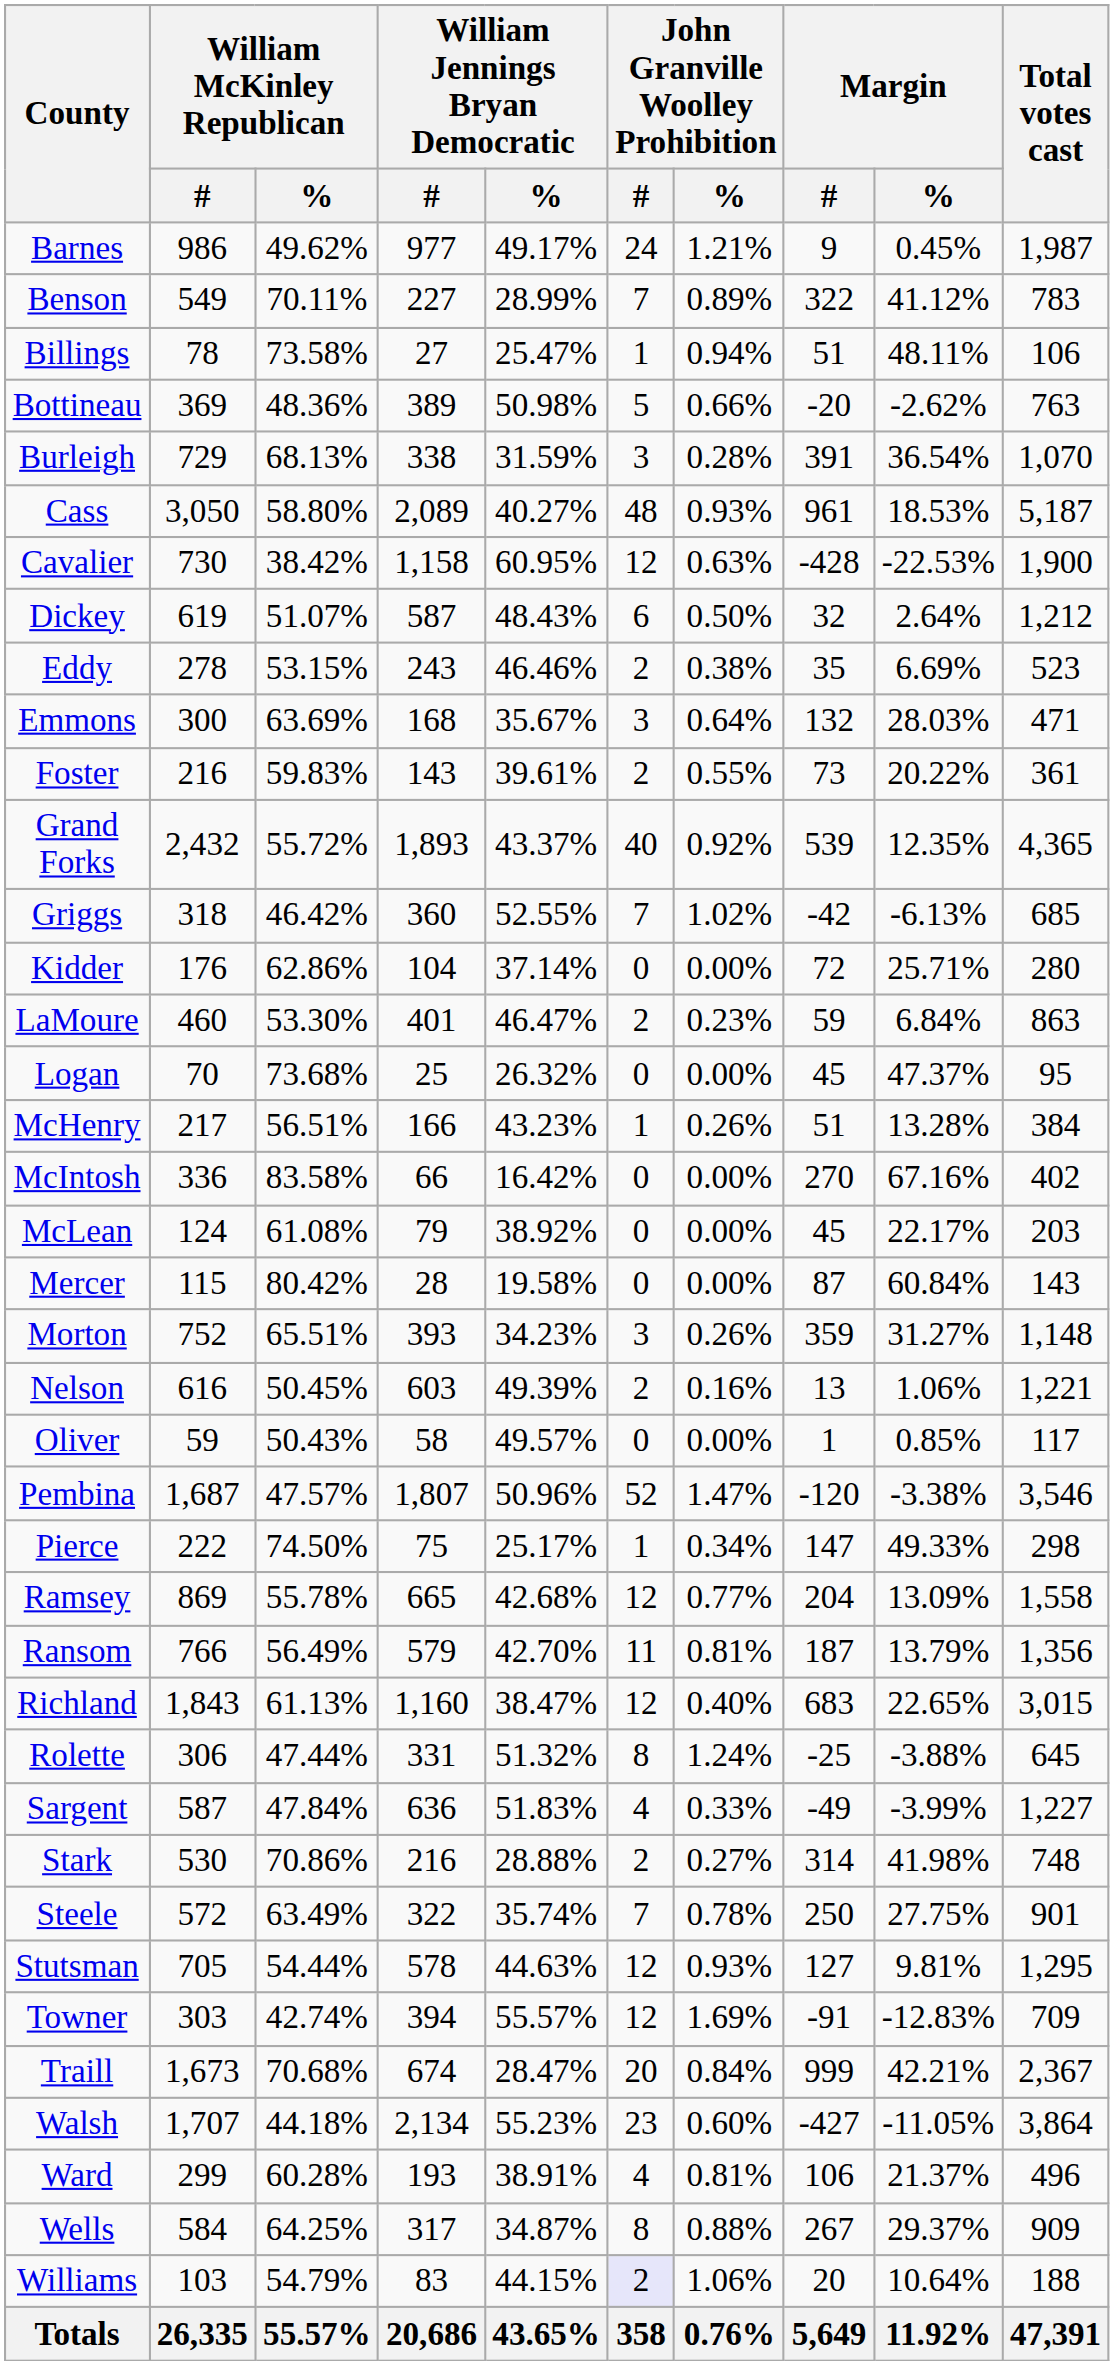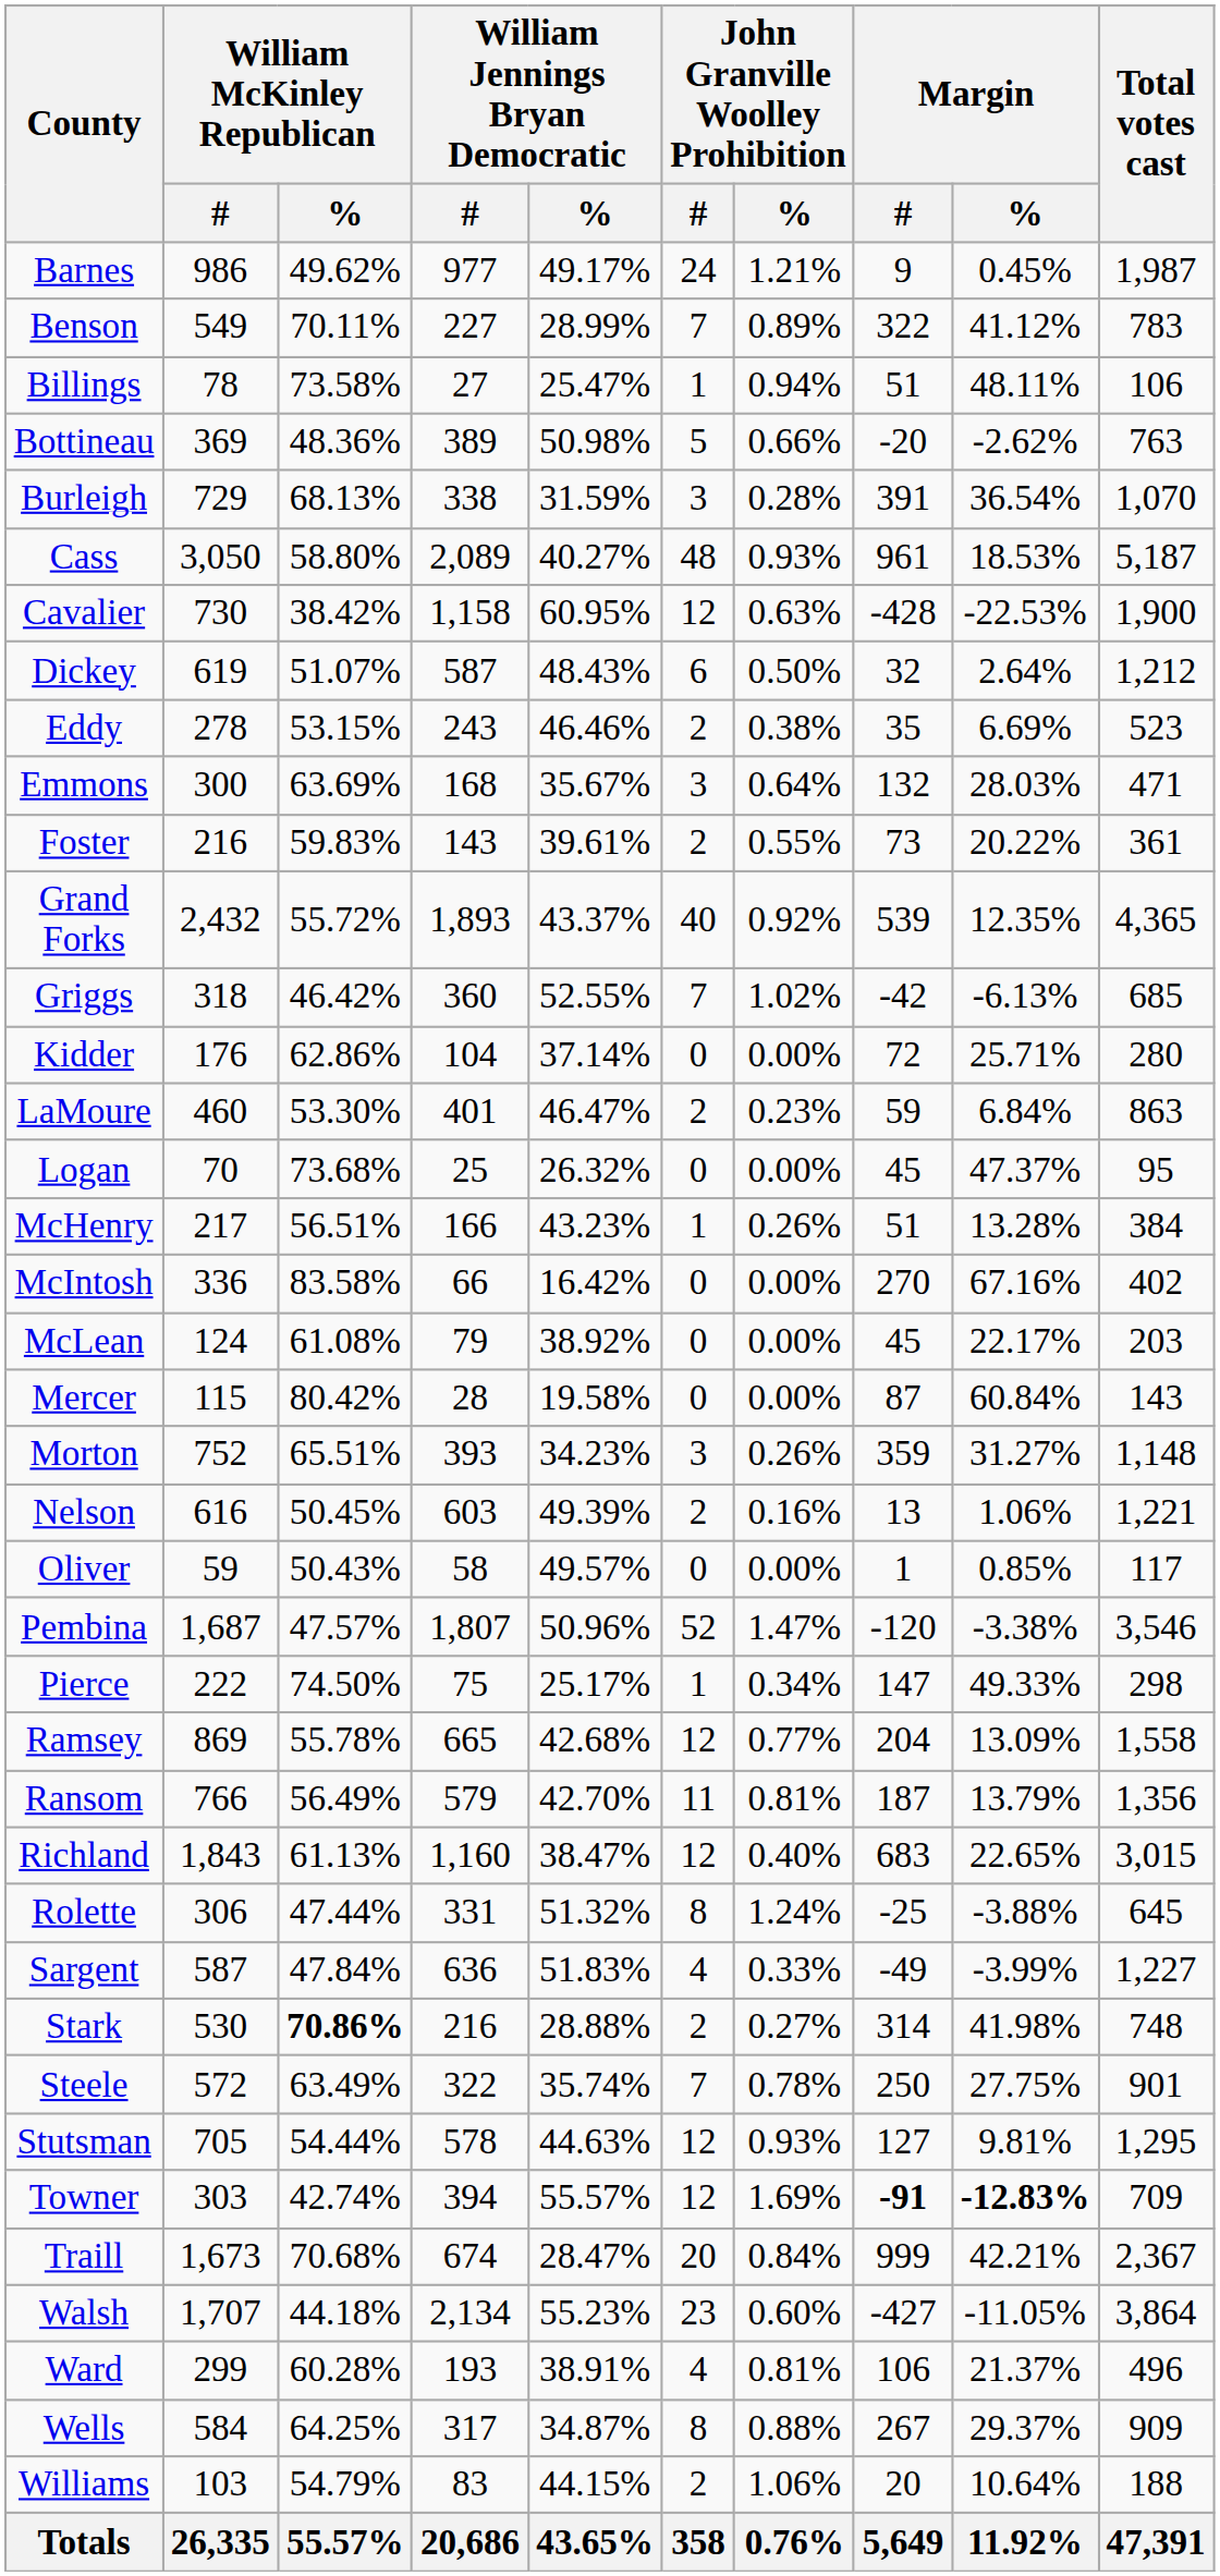 <table class="wikitable sortable" width="65%">
 <tr>
 <th rowspan="2">County</th>
 <th colspan="2">William McKinley<br>Republican</th>
 <th colspan="2">William Jennings Bryan<br>Democratic</th>
 <th colspan="2">John Granville Woolley<br>Prohibition</th>
 <th colspan="2">Margin</th>
 <th rowspan="2">Total votes cast</th>
 </tr>
 <tr style="text-align:center;">
 <th data-sort-type="number">#</th>
 <th data-sort-type="number">%</th>
 <th data-sort-type="number">#</th>
 <th data-sort-type="number">%</th>
 <th data-sort-type="number">#</th>
 <th data-sort-type="number">%</th>
 <th data-sort-type="number">#</th>
 <th data-sort-type="number">%</th>
 </tr>
 <tr style="text-align:center;">
 <td><a href='#'>Barnes</a></td>
 <td>986</td>
 <td>49.62%</td>
 <td>977</td>
 <td>49.17%</td>
 <td>24</td>
 <td>1.21%</td>
 <td>9</td>
 <td>0.45%</td>
 <td>1,987</td>
 </tr>
 <tr style="text-align:center;">
 <td><a href='#'>Benson</a></td>
 <td>549</td>
 <td>70.11%</td>
 <td>227</td>
 <td>28.99%</td>
 <td>7</td>
 <td>0.89%</td>
 <td>322</td>
 <td>41.12%</td>
 <td>783</td>
 </tr>
 <tr style="text-align:center;">
 <td><a href='#'>Billings</a></td>
 <td>78</td>
 <td>73.58%</td>
 <td>27</td>
 <td>25.47%</td>
 <td>1</td>
 <td>0.94%</td>
 <td>51</td>
 <td>48.11%</td>
 <td>106</td>
 </tr>
 <tr style="text-align:center;">
 <td><a href='#'>Bottineau</a></td>
 <td>369</td>
 <td>48.36%</td>
 <td>389</td>
 <td>50.98%</td>
 <td>5</td>
 <td>0.66%</td>
 <td>-20</td>
 <td>-2.62%</td>
 <td>763</td>
 </tr>
 <tr style="text-align:center;">
 <td><a href='#'>Burleigh</a></td>
 <td>729</td>
 <td>68.13%</td>
 <td>338</td>
 <td>31.59%</td>
 <td>3</td>
 <td>0.28%</td>
 <td>391</td>
 <td>36.54%</td>
 <td>1,070</td>
 </tr>
 <tr style="text-align:center;">
 <td><a href='#'>Cass</a></td>
 <td>3,050</td>
 <td>58.80%</td>
 <td>2,089</td>
 <td>40.27%</td>
 <td>48</td>
 <td>0.93%</td>
 <td>961</td>
 <td>18.53%</td>
 <td>5,187</td>
 </tr>
 <tr style="text-align:center;">
 <td><a href='#'>Cavalier</a></td>
 <td>730</td>
 <td>38.42%</td>
 <td>1,158</td>
 <td>60.95%</td>
 <td>12</td>
 <td>0.63%</td>
 <td>-428</td>
 <td>-22.53%</td>
 <td>1,900</td>
 </tr>
 <tr style="text-align:center;">
 <td><a href='#'>Dickey</a></td>
 <td>619</td>
 <td>51.07%</td>
 <td>587</td>
 <td>48.43%</td>
 <td>6</td>
 <td>0.50%</td>
 <td>32</td>
 <td>2.64%</td>
 <td>1,212</td>
 </tr>
 <tr style="text-align:center;">
 <td><a href='#'>Eddy</a></td>
 <td>278</td>
 <td>53.15%</td>
 <td>243</td>
 <td>46.46%</td>
 <td>2</td>
 <td>0.38%</td>
 <td>35</td>
 <td>6.69%</td>
 <td>523</td>
 </tr>
 <tr style="text-align:center;">
 <td><a href='#'>Emmons</a></td>
 <td>300</td>
 <td>63.69%</td>
 <td>168</td>
 <td>35.67%</td>
 <td>3</td>
 <td>0.64%</td>
 <td>132</td>
 <td>28.03%</td>
 <td>471</td>
 </tr>
 <tr style="text-align:center;">
 <td><a href='#'>Foster</a></td>
 <td>216</td>
 <td>59.83%</td>
 <td>143</td>
 <td>39.61%</td>
 <td>2</td>
 <td>0.55%</td>
 <td>73</td>
 <td>20.22%</td>
 <td>361</td>
 </tr>
 <tr style="text-align:center;">
 <td><a href='#'>Grand Forks</a></td>
 <td>2,432</td>
 <td>55.72%</td>
 <td>1,893</td>
 <td>43.37%</td>
 <td>40</td>
 <td>0.92%</td>
 <td>539</td>
 <td>12.35%</td>
 <td>4,365</td>
 </tr>
 <tr style="text-align:center;">
 <td><a href='#'>Griggs</a></td>
 <td>318</td>
 <td>46.42%</td>
 <td>360</td>
 <td>52.55%</td>
 <td>7</td>
 <td>1.02%</td>
 <td>-42</td>
 <td>-6.13%</td>
 <td>685</td>
 </tr>
 <tr style="text-align:center;">
 <td><a href='#'>Kidder</a></td>
 <td>176</td>
 <td>62.86%</td>
 <td>104</td>
 <td>37.14%</td>
 <td>0</td>
 <td>0.00%</td>
 <td>72</td>
 <td>25.71%</td>
 <td>280</td>
 </tr>
 <tr style="text-align:center;">
 <td><a href='#'>LaMoure</a></td>
 <td>460</td>
 <td>53.30%</td>
 <td>401</td>
 <td>46.47%</td>
 <td>2</td>
 <td>0.23%</td>
 <td>59</td>
 <td>6.84%</td>
 <td>863</td>
 </tr>
 <tr style="text-align:center;">
 <td><a href='#'>Logan</a></td>
 <td>70</td>
 <td>73.68%</td>
 <td>25</td>
 <td>26.32%</td>
 <td>0</td>
 <td>0.00%</td>
 <td>45</td>
 <td>47.37%</td>
 <td>95</td>
 </tr>
 <tr style="text-align:center;">
 <td><a href='#'>McHenry</a></td>
 <td>217</td>
 <td>56.51%</td>
 <td>166</td>
 <td>43.23%</td>
 <td>1</td>
 <td>0.26%</td>
 <td>51</td>
 <td>13.28%</td>
 <td>384</td>
 </tr>
 <tr style="text-align:center;">
 <td><a href='#'>McIntosh</a></td>
 <td>336</td>
 <td>83.58%</td>
 <td>66</td>
 <td>16.42%</td>
 <td>0</td>
 <td>0.00%</td>
 <td>270</td>
 <td>67.16%</td>
 <td>402</td>
 </tr>
 <tr style="text-align:center;">
 <td><a href='#'>McLean</a></td>
 <td>124</td>
 <td>61.08%</td>
 <td>79</td>
 <td>38.92%</td>
 <td>0</td>
 <td>0.00%</td>
 <td>45</td>
 <td>22.17%</td>
 <td>203</td>
 </tr>
 <tr style="text-align:center;">
 <td><a href='#'>Mercer</a></td>
 <td>115</td>
 <td>80.42%</td>
 <td>28</td>
 <td>19.58%</td>
 <td>0</td>
 <td>0.00%</td>
 <td>87</td>
 <td>60.84%</td>
 <td>143</td>
 </tr>
 <tr style="text-align:center;">
 <td><a href='#'>Morton</a></td>
 <td>752</td>
 <td>65.51%</td>
 <td>393</td>
 <td>34.23%</td>
 <td>3</td>
 <td>0.26%</td>
 <td>359</td>
 <td>31.27%</td>
 <td>1,148</td>
 </tr>
 <tr style="text-align:center;">
 <td><a href='#'>Nelson</a></td>
 <td>616</td>
 <td>50.45%</td>
 <td>603</td>
 <td>49.39%</td>
 <td>2</td>
 <td>0.16%</td>
 <td>13</td>
 <td>1.06%</td>
 <td>1,221</td>
 </tr>
 <tr style="text-align:center;">
 <td><a href='#'>Oliver</a></td>
 <td>59</td>
 <td>50.43%</td>
 <td>58</td>
 <td>49.57%</td>
 <td>0</td>
 <td>0.00%</td>
 <td>1</td>
 <td>0.85%</td>
 <td>117</td>
 </tr>
 <tr style="text-align:center;">
 <td><a href='#'>Pembina</a></td>
 <td>1,687</td>
 <td>47.57%</td>
 <td>1,807</td>
 <td>50.96%</td>
 <td>52</td>
 <td>1.47%</td>
 <td>-120</td>
 <td>-3.38%</td>
 <td>3,546</td>
 </tr>
 <tr style="text-align:center;">
 <td><a href='#'>Pierce</a></td>
 <td>222</td>
 <td>74.50%</td>
 <td>75</td>
 <td>25.17%</td>
 <td>1</td>
 <td>0.34%</td>
 <td>147</td>
 <td>49.33%</td>
 <td>298</td>
 </tr>
 <tr style="text-align:center;">
 <td><a href='#'>Ramsey</a></td>
 <td>869</td>
 <td>55.78%</td>
 <td>665</td>
 <td>42.68%</td>
 <td>12</td>
 <td>0.77%</td>
 <td>204</td>
 <td>13.09%</td>
 <td>1,558</td>
 </tr>
 <tr style="text-align:center;">
 <td><a href='#'>Ransom</a></td>
 <td>766</td>
 <td>56.49%</td>
 <td>579</td>
 <td>42.70%</td>
 <td>11</td>
 <td>0.81%</td>
 <td>187</td>
 <td>13.79%</td>
 <td>1,356</td>
 </tr>
 <tr style="text-align:center;">
 <td><a href='#'>Richland</a></td>
 <td>1,843</td>
 <td>61.13%</td>
 <td>1,160</td>
 <td>38.47%</td>
 <td>12</td>
 <td>0.40%</td>
 <td>683</td>
 <td>22.65%</td>
 <td>3,015</td>
 </tr>
 <tr style="text-align:center;">
 <td><a href='#'>Rolette</a></td>
 <td>306</td>
 <td>47.44%</td>
 <td>331</td>
 <td>51.32%</td>
 <td>8</td>
 <td>1.24%</td>
 <td>-25</td>
 <td>-3.88%</td>
 <td>645</td>
 </tr>
 <tr style="text-align:center;">
 <td><a href='#'>Sargent</a></td>
 <td>587</td>
 <td>47.84%</td>
 <td>636</td>
 <td>51.83%</td>
 <td>4</td>
 <td>0.33%</td>
 <td>-49</td>
 <td>-3.99%</td>
 <td>1,227</td>
 </tr>
 <tr style="text-align:center;">
 <td><a href='#'>Stark</a></td>
 <td>530</td>
-<td>70.86%</td>
+<td><strong>70.86%</strong></td>
 <td>216</td>
 <td>28.88%</td>
 <td>2</td>
 <td>0.27%</td>
 <td>314</td>
 <td>41.98%</td>
 <td>748</td>
 </tr>
 <tr style="text-align:center;">
 <td><a href='#'>Steele</a></td>
 <td>572</td>
 <td>63.49%</td>
 <td>322</td>
 <td>35.74%</td>
 <td>7</td>
 <td>0.78%</td>
 <td>250</td>
 <td>27.75%</td>
 <td>901</td>
 </tr>
 <tr style="text-align:center;">
 <td><a href='#'>Stutsman</a></td>
 <td>705</td>
 <td>54.44%</td>
 <td>578</td>
 <td>44.63%</td>
 <td>12</td>
 <td>0.93%</td>
 <td>127</td>
 <td>9.81%</td>
 <td>1,295</td>
 </tr>
 <tr style="text-align:center;">
 <td><a href='#'>Towner</a></td>
 <td>303</td>
 <td>42.74%</td>
 <td>394</td>
 <td>55.57%</td>
 <td>12</td>
 <td>1.69%</td>
-<td>-91</td>
-<td>-12.83%</td>
+<td><strong>-91</strong></td>
+<td><strong>-12.83%</strong></td>
 <td>709</td>
 </tr>
 <tr style="text-align:center;">
 <td><a href='#'>Traill</a></td>
 <td>1,673</td>
 <td>70.68%</td>
 <td>674</td>
 <td>28.47%</td>
 <td>20</td>
 <td>0.84%</td>
 <td>999</td>
 <td>42.21%</td>
 <td>2,367</td>
 </tr>
 <tr style="text-align:center;">
 <td><a href='#'>Walsh</a></td>
 <td>1,707</td>
 <td>44.18%</td>
 <td>2,134</td>
 <td>55.23%</td>
 <td>23</td>
 <td>0.60%</td>
 <td>-427</td>
 <td>-11.05%</td>
 <td>3,864</td>
 </tr>
 <tr style="text-align:center;">
 <td><a href='#'>Ward</a></td>
 <td>299</td>
 <td>60.28%</td>
 <td>193</td>
 <td>38.91%</td>
 <td>4</td>
 <td>0.81%</td>
 <td>106</td>
 <td>21.37%</td>
 <td>496</td>
 </tr>
 <tr style="text-align:center;">
 <td><a href='#'>Wells</a></td>
 <td>584</td>
 <td>64.25%</td>
 <td>317</td>
 <td>34.87%</td>
 <td>8</td>
 <td>0.88%</td>
 <td>267</td>
 <td>29.37%</td>
 <td>909</td>
 </tr>
 <tr style="text-align:center;">
 <td><a href='#'>Williams</a></td>
 <td>103</td>
 <td>54.79%</td>
 <td>83</td>
 <td>44.15%</td>
-<td style="background: lavender;">2</td>
+<td>2</td>
 <td>1.06%</td>
 <td>20</td>
 <td>10.64%</td>
 <td>188</td>
 </tr>
 <tr style="text-align:center;">
 <th>Totals</th>
 <th>26,335</th>
 <th>55.57%</th>
 <th>20,686</th>
 <th>43.65%</th>
 <th>358</th>
 <th>0.76%</th>
 <th>5,649</th>
 <th>11.92%</th>
 <th>47,391</th>
 </tr>
 </table>
